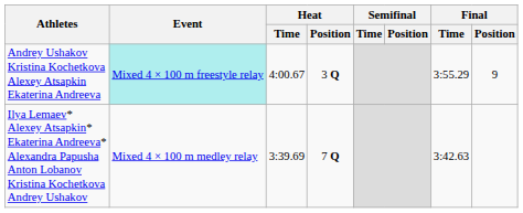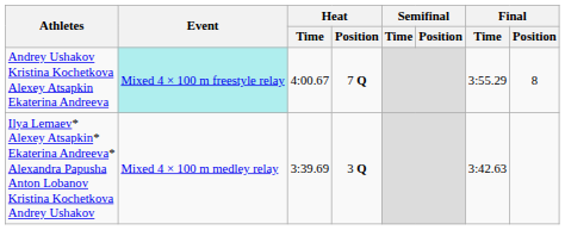 <table class="wikitable" border="1" style="font-size:90%">
 <tr>
 <th rowspan=2>Athletes</th>
 <th rowspan=2>Event</th>
 <th colspan=2>Heat</th>
 <th colspan=2>Semifinal</th>
 <th colspan=2>Final</th>
 </tr>
 <tr>
 <th>Time</th>
 <th>Position</th>
 <th>Time</th>
 <th>Position</th>
 <th>Time</th>
 <th>Position</th>
 </tr>
 <tr>
 <td><a href='#'>Andrey Ushakov</a><br><a href='#'>Kristina Kochetkova</a><br><a href='#'>Alexey Atsapkin</a><br><a href='#'>Ekaterina Andreeva</a></td>
 <td style="background: paleturquoise;"><a href='#'>Mixed 4 × 100 m freestyle relay</a></td>
 <td align=center>4:00.67</td>
-<td align=center>3 <strong>Q</strong></td>
+<td align=center>7 <strong>Q</strong></td>
 <td colspan=2 bgcolor=#DCDCDC></td>
 <td align=center>3:55.29</td>
-<td align=center>9</td>
+<td align=center>8</td>
 </tr>
 <tr>
 <td><a href='#'>Ilya Lemaev</a>*<br><a href='#'>Alexey Atsapkin</a>*<br><a href='#'>Ekaterina Andreeva</a>*<br><a href='#'>Alexandra Papusha</a><br><a href='#'>Anton Lobanov</a><br><a href='#'>Kristina Kochetkova</a><br><a href='#'>Andrey Ushakov</a></td>
 <td><a href='#'>Mixed 4 × 100 m medley relay</a></td>
 <td align=center>3:39.69</td>
-<td align=center>7 <strong>Q</strong></td>
+<td align=center>3 <strong>Q</strong></td>
 <td colspan=2 bgcolor=#DCDCDC></td>
 <td align=center>3:42.63</td>
 <td align=center></td>
 </tr>
 </table>
